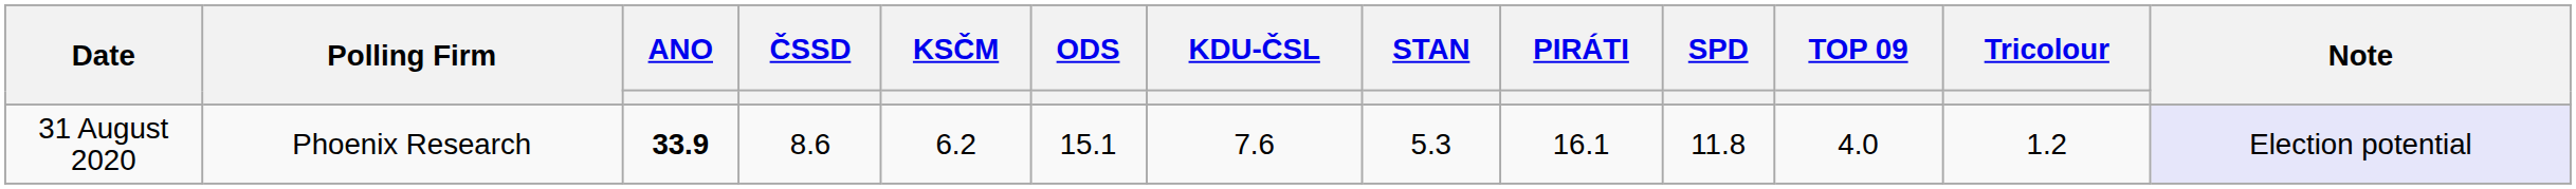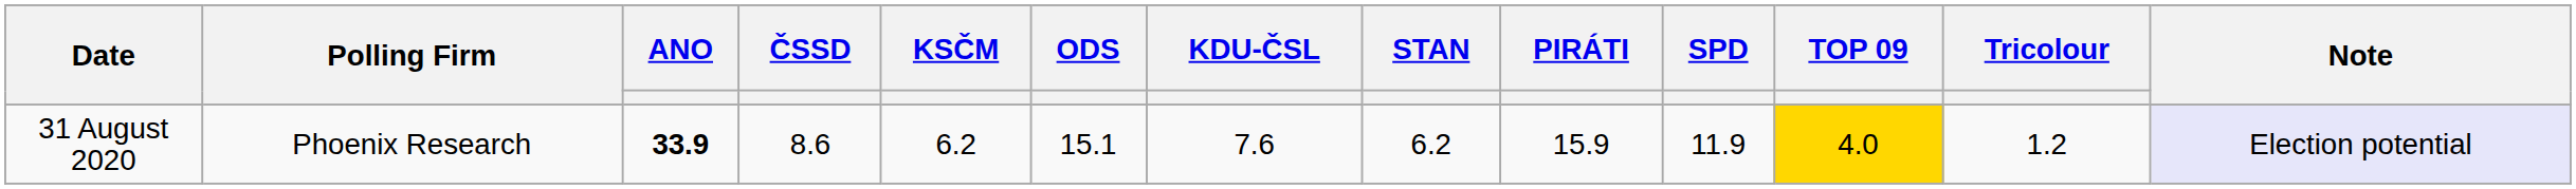 <table class="wikitable" style="text-align:center; font-size:90%; line-height:16px; width:100%">
 <tr style="height:42px;">
 <th style="width:90px;" rowspan="2">Date</th>
 <th style="width:200px;" rowspan="2">Polling Firm</th>
 <th><a href='#'><span>ANO</span></a></th>
 <th><a href='#'><span>ČSSD</span></a></th>
 <th><a href='#'><span>KSČM</span></a></th>
 <th><a href='#'><span>ODS</span></a></th>
 <th><a href='#'><span>KDU-ČSL</span></a></th>
 <th><a href='#'><span>STAN</span></a></th>
 <th><a href='#'><span>PIRÁTI</span></a></th>
 <th><a href='#'><span>SPD</span></a></th>
 <th><a href='#'><span>TOP 09</span></a></th>
 <th><a href='#'><span>Tricolour</span></a></th>
 <th style="width:200px;" rowspan="2">Note</th>
 </tr>
 <tr>
 <th style="color:inherit;background:"></th>
 <th style="color:inherit;background:"></th>
 <th style="color:inherit;background:"></th>
 <th style="color:inherit;background:"></th>
 <th style="color:inherit;background:"></th>
 <th style="color:inherit;background:"></th>
 <th style="color:inherit;background:"></th>
 <th style="color:inherit;background:"></th>
 <th style="color:inherit;background:"></th>
 <th style="color:inherit;background:"></th>
 </tr>
 <tr>
 <td>31 August 2020</td>
 <td>Phoenix Research</td>
 <td><strong>33.9</strong></td>
 <td>8.6</td>
 <td>6.2</td>
 <td>15.1</td>
 <td>7.6</td>
-<td>5.3</td>
-<td>16.1</td>
-<td>11.8</td>
-<td>4.0</td>
+<td>6.2</td>
+<td>15.9</td>
+<td>11.9</td>
+<td style="background: gold;">4.0</td>
 <td>1.2</td>
 <td style="background: lavender;">Election potential</td>
 </tr>
 </table>
